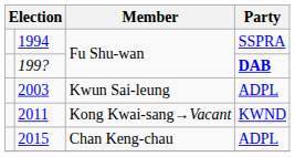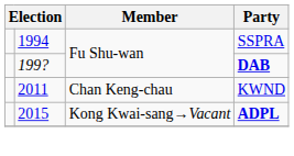 <table class="wikitable">
 <tr>
 <th colspan="2">Election</th>
 <th>Member</th>
 <th>Party</th>
 </tr>
 <tr>
 <td style="background-color:"></td>
 <td><a href='#'>1994</a></td>
 <td rowspan=2>Fu Shu-wan</td>
 <td><a href='#'>SSPRA</a></td>
 </tr>
 <tr>
 <td style="background-color:"></td>
 <td><em>199?</em></td>
 <td><strong><a href='#'>DAB</a></strong></td>
 </tr>
 <tr>
 <td style="background-color: "></td>
-<td><a href='#'>2003</a></td>
-<td>Kwun Sai-leung</td>
-<td><a href='#'>ADPL</a></td>
-</tr>
-<tr>
-<td style="background-color: "></td>
 <td><a href='#'>2011</a></td>
-<td>Kong Kwai-sang→<em>Vacant</em></td>
+<td>Chan Keng-chau</td>
 <td><a href='#'>KWND</a></td>
 </tr>
 <tr>
 <td style="background-color: "></td>
 <td><a href='#'>2015</a></td>
-<td>Chan Keng-chau</td>
-<td><a href='#'>ADPL</a></td>
+<td>Kong Kwai-sang→<em>Vacant</em></td>
+<td><strong><a href='#'>ADPL</a></strong></td>
 </tr>
 <tr>
 </tr>
 </table>
